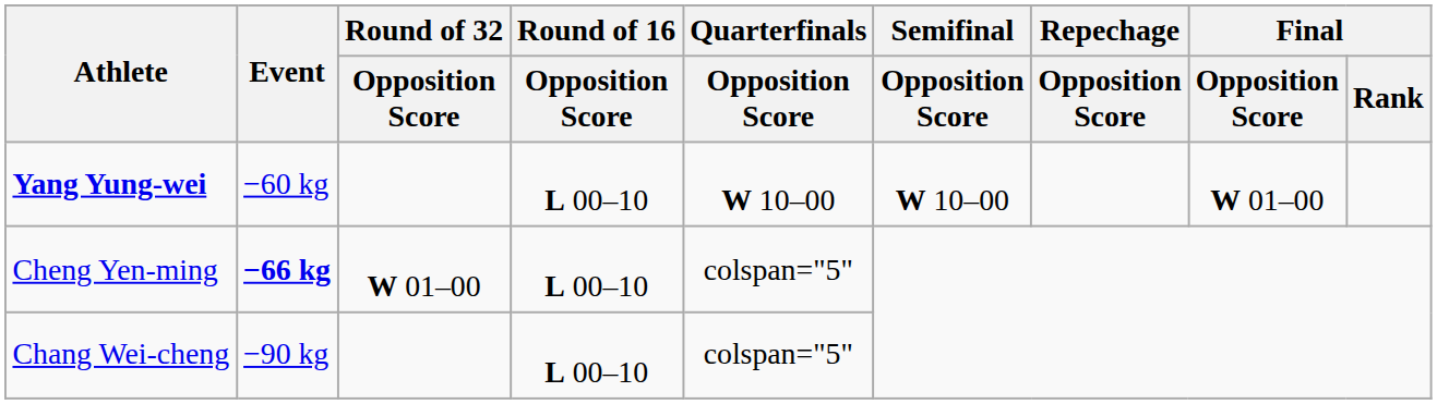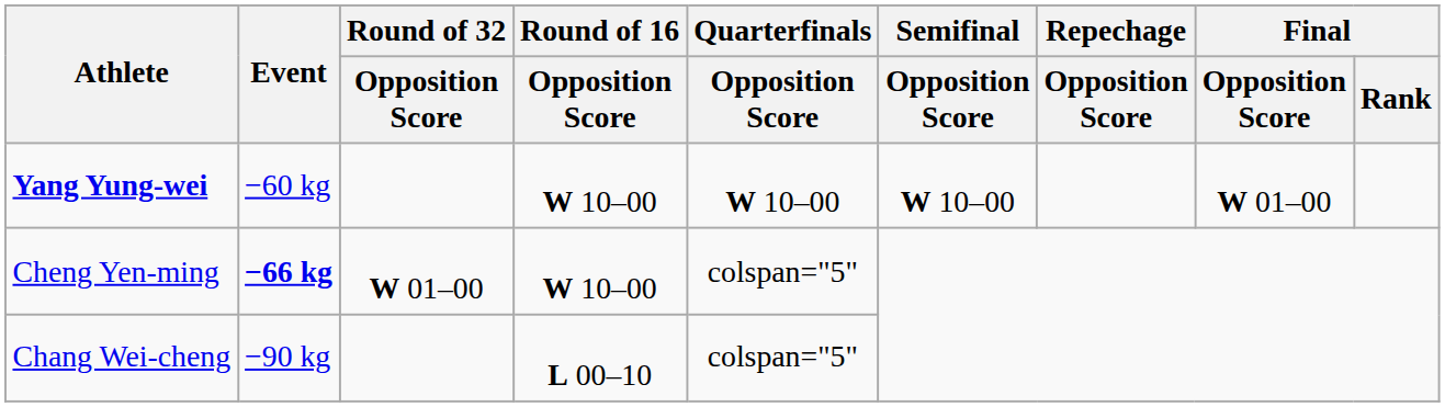 <table class=wikitable style=font-size:90%;text-align:center>
 <tr>
 <th rowspan="2">Athlete</th>
 <th rowspan="2">Event</th>
 <th>Round of 32</th>
 <th>Round of 16</th>
 <th>Quarterfinals</th>
 <th>Semifinal</th>
 <th>Repechage</th>
 <th colspan="2">Final</th>
 </tr>
 <tr>
 <th>Opposition<br>Score</th>
 <th>Opposition<br>Score</th>
 <th>Opposition<br>Score</th>
 <th>Opposition<br>Score</th>
 <th>Opposition<br>Score</th>
 <th>Opposition<br>Score</th>
 <th>Rank</th>
 </tr>
 <tr>
 <td align="left"><strong><a href='#'>Yang Yung-wei</a></strong></td>
 <td align="left"><a href='#'>−60 kg</a></td>
 <td></td>
-<td><br><strong>L</strong> 00–10</td>
+<td><br><strong>W</strong> 10–00</td>
 <td><br><strong>W</strong> 10–00</td>
 <td><br><strong>W</strong> 10–00</td>
 <td></td>
 <td><br><strong>W</strong> 01–00</td>
 <td></td>
 </tr>
 <tr>
 <td align="left"><a href='#'>Cheng Yen-ming</a></td>
 <td align="left"><strong><a href='#'>−66 kg</a></strong></td>
 <td><br><strong>W</strong> 01–00</td>
-<td><br><strong>L</strong> 00–10</td>
+<td><br><strong>W</strong> 10–00</td>
 <td>colspan="5" </td>
 </tr>
 <tr>
 <td align="left"><a href='#'>Chang Wei-cheng</a></td>
 <td align="left"><a href='#'>−90 kg</a></td>
 <td></td>
 <td><br><strong>L</strong> 00–10</td>
 <td>colspan="5" </td>
 </tr>
 </table>
